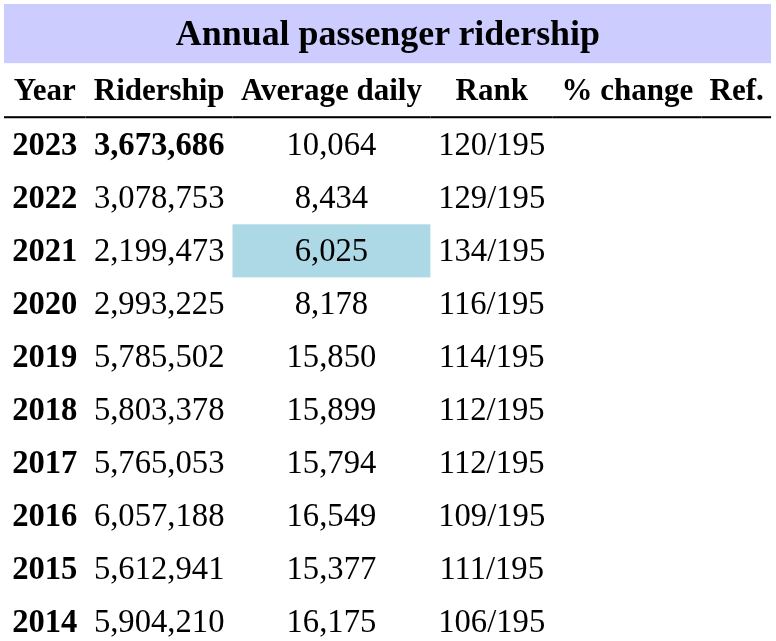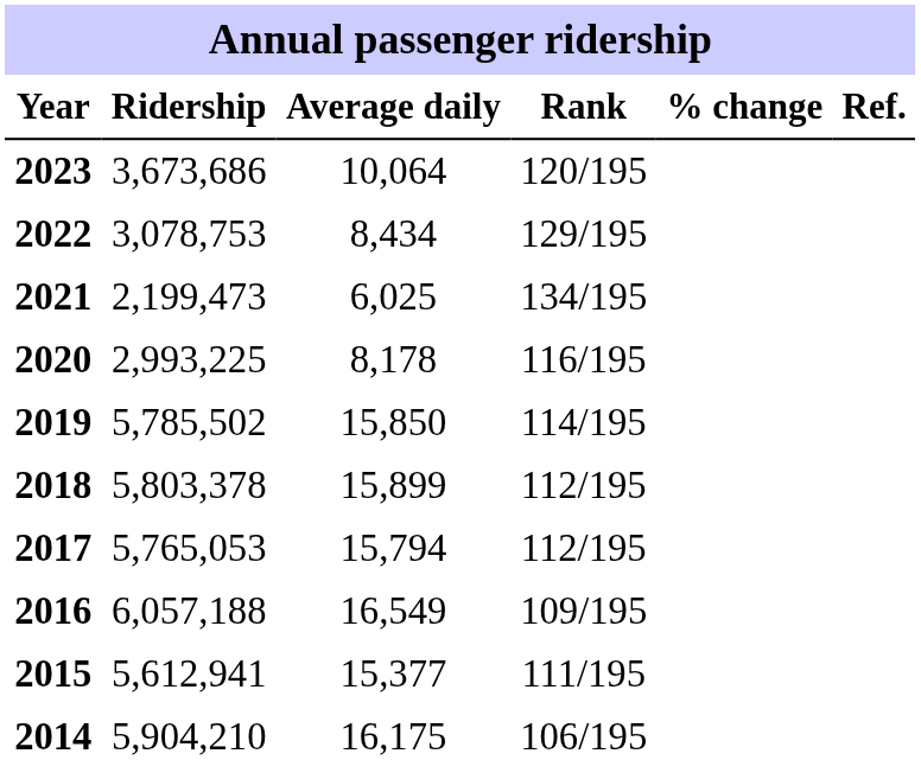 <table class="toccolours" cellpadding="4" cellspacing="0" style="text-align:right;">
 <tr>
 <th colspan="6"  style="background-color:#ccf; background-color:#ccf; font-size:110%; text-align:center;">Annual passenger ridership</th>
 </tr>
 <tr style="font-size:95%; text-align:center">
 <th style="border-bottom:1px solid black">Year</th>
 <th style="border-bottom:1px solid black">Ridership</th>
 <th style="border-bottom:1px solid black">Average daily</th>
 <th style="border-bottom:1px solid black">Rank</th>
 <th style="border-bottom:1px solid black">% change</th>
 <th style="border-bottom:1px solid black">Ref.</th>
 </tr>
 <tr style="text-align:center;">
 <td><strong>2023</strong></td>
-<td><strong>3,673,686</strong></td>
+<td>3,673,686</td>
 <td>10,064</td>
 <td>120/195</td>
 <td></td>
 <td></td>
 </tr>
 <tr style="text-align:center;">
 <td><strong>2022</strong></td>
 <td>3,078,753</td>
 <td>8,434</td>
 <td>129/195</td>
 <td></td>
 <td></td>
 </tr>
 <tr style="text-align:center;">
 <td><strong>2021</strong></td>
 <td>2,199,473</td>
-<td style="background: lightblue;">6,025</td>
+<td>6,025</td>
 <td>134/195</td>
 <td></td>
 <td></td>
 </tr>
 <tr style="text-align:center;">
 <td><strong>2020</strong></td>
 <td>2,993,225</td>
 <td>8,178</td>
 <td>116/195</td>
 <td></td>
 <td></td>
 </tr>
 <tr style="text-align:center;">
 <td><strong>2019</strong></td>
 <td>5,785,502</td>
 <td>15,850</td>
 <td>114/195</td>
 <td></td>
 <td></td>
 </tr>
 <tr style="text-align:center;">
 <td><strong>2018</strong></td>
 <td>5,803,378</td>
 <td>15,899</td>
 <td>112/195</td>
 <td></td>
 <td></td>
 </tr>
 <tr style="text-align:center;">
 <td><strong>2017</strong></td>
 <td>5,765,053</td>
 <td>15,794</td>
 <td>112/195</td>
 <td></td>
 <td></td>
 </tr>
 <tr style="text-align:center;">
 <td><strong>2016</strong></td>
 <td>6,057,188</td>
 <td>16,549</td>
 <td>109/195</td>
 <td></td>
 <td></td>
 </tr>
 <tr style="text-align:center;">
 <td><strong>2015</strong></td>
 <td>5,612,941</td>
 <td>15,377</td>
 <td>111/195</td>
 <td></td>
 <td></td>
 </tr>
 <tr style="text-align:center;">
 <td><strong>2014</strong></td>
 <td>5,904,210</td>
 <td>16,175</td>
 <td>106/195</td>
 <td></td>
 <td></td>
 </tr>
 </table>
